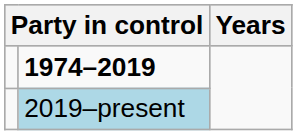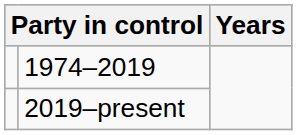 <table class="wikitable">
 <tr>
 <th colspan=2>Party in control</th>
 <th>Years</th>
 </tr>
 <tr>
 <td></td>
-<td><strong>1974–2019</strong></td>
+<td>1974–2019</td>
 </tr>
 <tr>
 <td></td>
-<td style="background: lightblue;">2019–present</td>
+<td>2019–present</td>
 </tr>
 </table>
